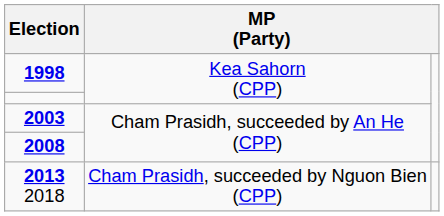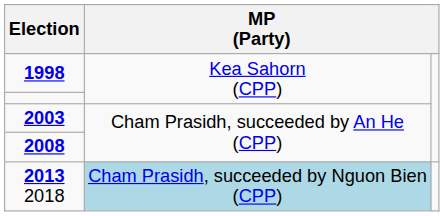 <table class="wikitable" style="text-align:center">
 <tr>
 <th>Election</th>
 <th colspan=2>MP<br>(Party)</th>
 </tr>
 <tr>
 <td><strong><a href='#'>1998</a></strong></td>
 <td rowspan=2><a href='#'>Kea Sahorn</a><br>(<a href='#'>CPP</a>)</td>
 </tr>
 <tr>
 <td></td>
 </tr>
 <tr>
 <td><strong><a href='#'>2003</a></strong></td>
 <td rowspan=2>Cham Prasidh, succeeded by <a href='#'>An He</a><br>(<a href='#'>CPP</a>)</td>
 </tr>
 <tr>
 <td><strong><a href='#'>2008</a></strong></td>
 </tr>
 <tr>
 <td><strong><a href='#'>2013</a></strong><br>2018</td>
-<td rowspan=1><a href='#'>Cham Prasidh</a>, succeeded by Nguon Bien<br>(<a href='#'>CPP</a>)</td>
+<td rowspan=1 style="background: lightblue;"><a href='#'>Cham Prasidh</a>, succeeded by Nguon Bien<br>(<a href='#'>CPP</a>)</td>
 <td></td>
 </tr>
 </table>
